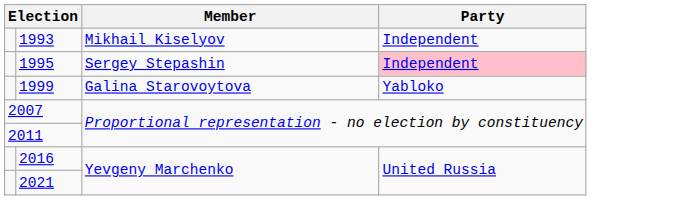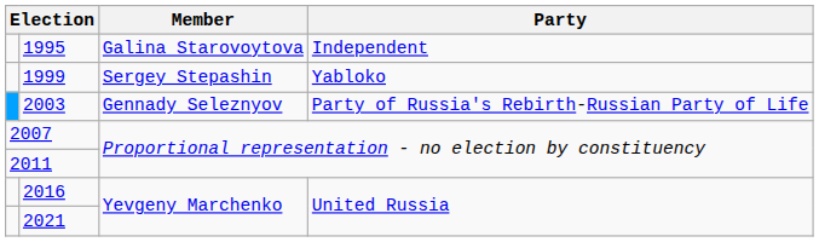 <table class="wikitable">
 <tr>
 <th colspan="2">Election</th>
 <th>Member</th>
 <th>Party</th>
 </tr>
 <tr>
 <td style="background-color:"></td>
-<td><a href='#'>1993</a></td>
-<td><a href='#'>Mikhail Kiselyov</a></td>
+<td><a href='#'>1995</a></td>
+<td><a href='#'>Galina Starovoytova</a></td>
 <td><a href='#'>Independent</a></td>
 </tr>
 <tr>
 <td style="background-color:"></td>
-<td><a href='#'>1995</a></td>
+<td><a href='#'>1999</a></td>
 <td><a href='#'>Sergey Stepashin</a></td>
-<td style="background: pink;"><a href='#'>Independent</a></td>
+<td><a href='#'>Yabloko</a></td>
 </tr>
 <tr>
-<td style="background-color:"></td>
-<td><a href='#'>1999</a></td>
-<td><a href='#'>Galina Starovoytova</a></td>
-<td><a href='#'>Yabloko</a></td>
+<td style="background-color:#00A1FF"></td>
+<td><a href='#'>2003</a></td>
+<td><a href='#'>Gennady Seleznyov</a></td>
+<td><a href='#'>Party of Russia's Rebirth</a>-<a href='#'>Russian Party of Life</a></td>
 </tr>
 <tr>
 <td colspan=2><a href='#'>2007</a></td>
 <td colspan=2 rowspan=2><em><a href='#'>Proportional representation</a> - no election by constituency</em></td>
 </tr>
 <tr>
 <td colspan=2><a href='#'>2011</a></td>
 </tr>
 <tr>
 <td style="background-color: "></td>
 <td><a href='#'>2016</a></td>
 <td rowspan=2><a href='#'>Yevgeny Marchenko</a></td>
 <td rowspan=2><a href='#'>United Russia</a></td>
 </tr>
 <tr>
 <td style="background-color: "></td>
 <td><a href='#'>2021</a></td>
 </tr>
 </table>
